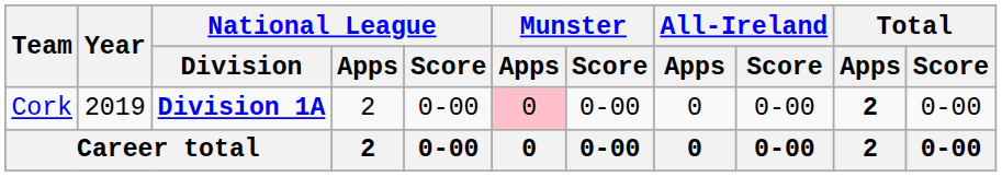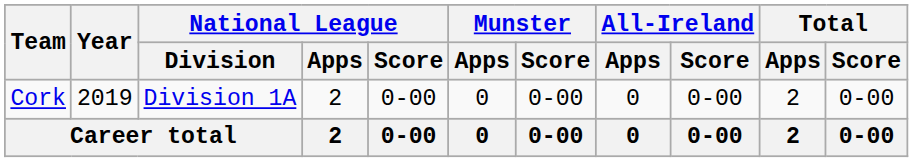 <table class="wikitable" style="text-align:center">
 <tr>
 <th rowspan="2">Team</th>
 <th rowspan="2">Year</th>
 <th colspan="3"><a href='#'>National League</a></th>
 <th colspan="2"><a href='#'>Munster</a></th>
 <th colspan="2"><a href='#'>All-Ireland</a></th>
 <th colspan="2">Total</th>
 </tr>
 <tr>
 <th>Division</th>
 <th>Apps</th>
 <th>Score</th>
 <th>Apps</th>
 <th>Score</th>
 <th>Apps</th>
 <th>Score</th>
 <th>Apps</th>
 <th>Score</th>
 </tr>
 <tr>
 <td rowspan="1"><a href='#'>Cork</a></td>
 <td>2019</td>
-<td rowspan="1"><strong><a href='#'>Division 1A</a></strong></td>
+<td rowspan="1"><a href='#'>Division 1A</a></td>
 <td>2</td>
-<td>0-00</td>
-<td style="background: pink;">0</td>
 <td>0-00</td>
 <td>0</td>
 <td>0-00</td>
-<td><strong>2</strong></td>
+<td>0</td>
+<td>0-00</td>
+<td>2</td>
 <td>0-00</td>
 </tr>
 <tr>
 <th colspan="3">Career total</th>
 <th>2</th>
 <th>0-00</th>
 <th>0</th>
 <th>0-00</th>
 <th>0</th>
 <th>0-00</th>
 <th>2</th>
 <th>0-00</th>
 </tr>
 </table>
